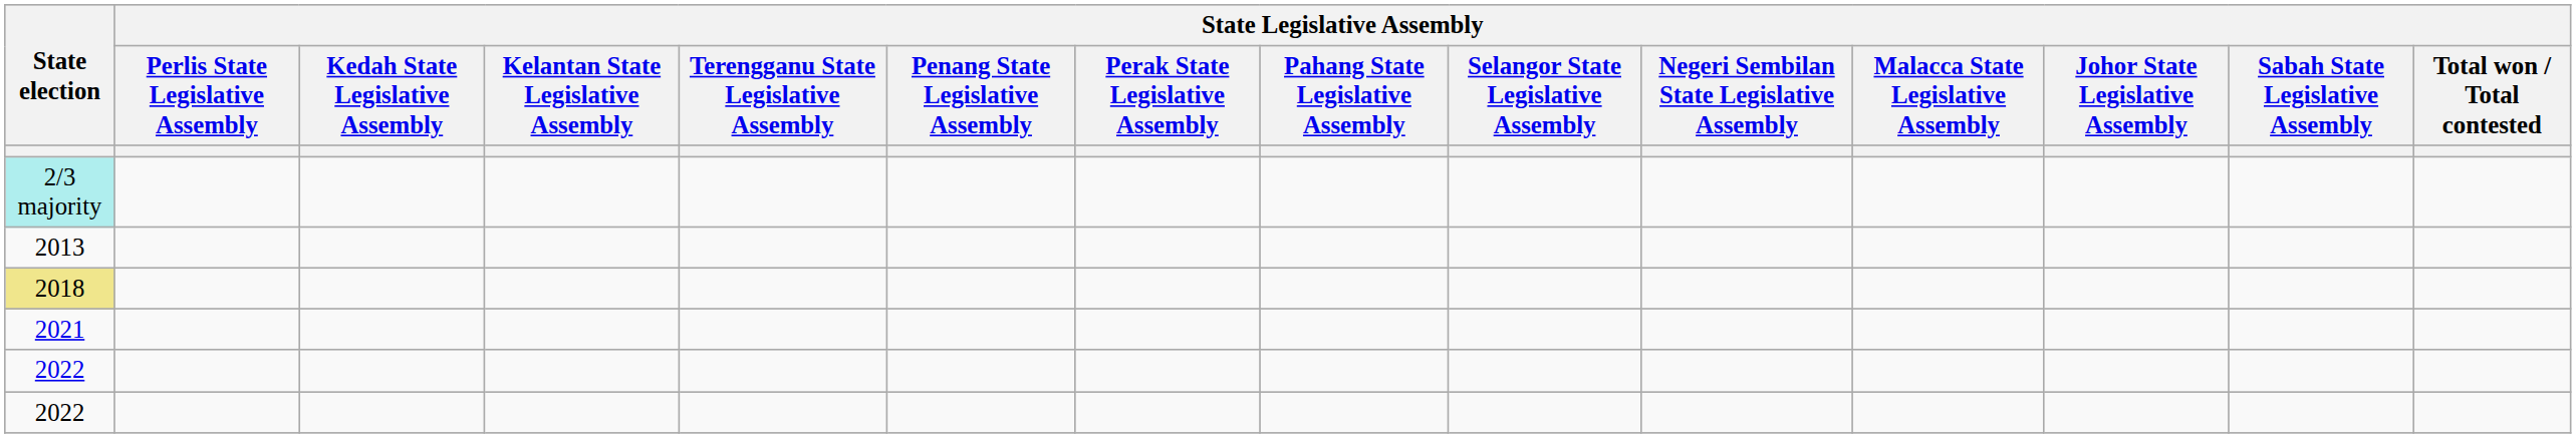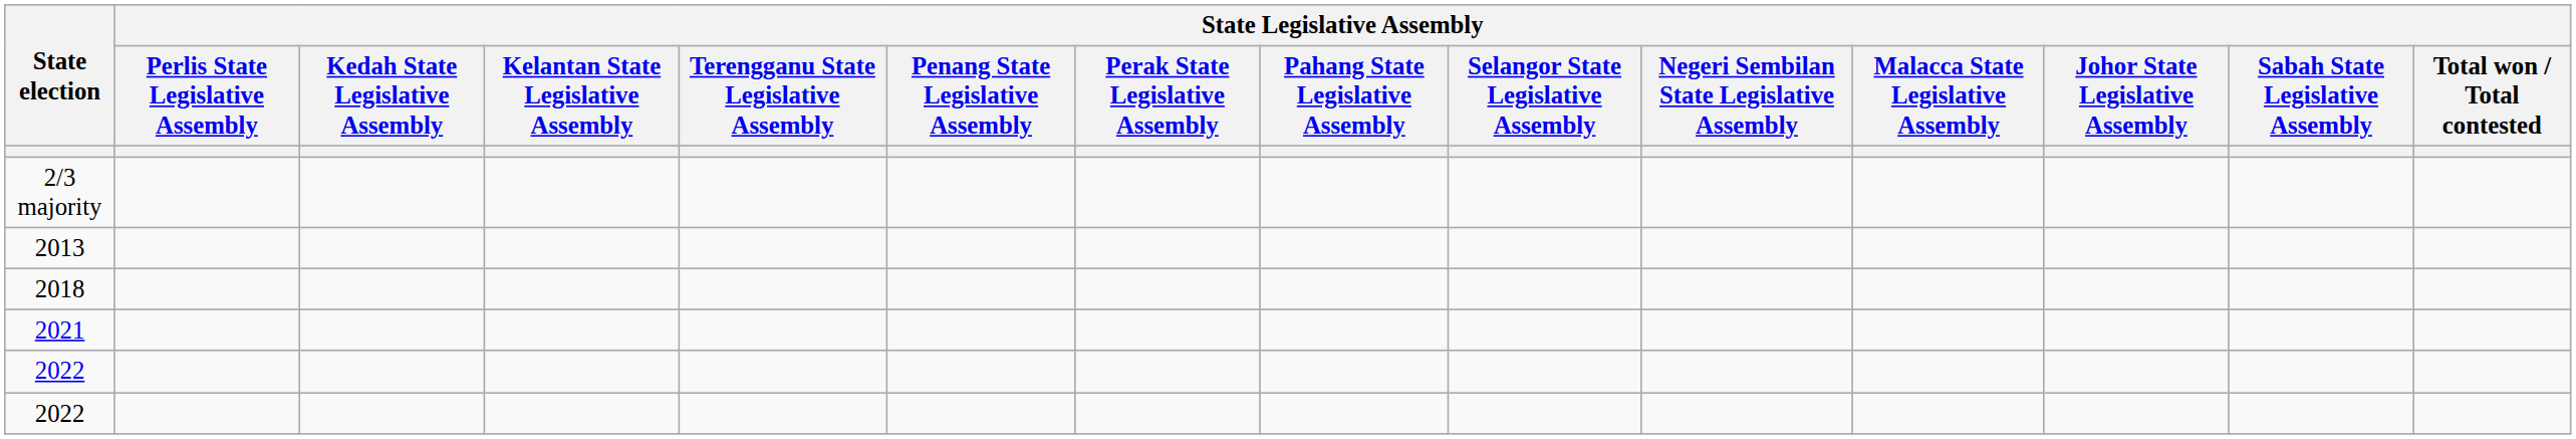 <table class="wikitable sortable" style="text-align:center; font-size:95%">
 <tr>
 <th rowspan=2>State election</th>
 <th colspan=14>State Legislative Assembly</th>
 </tr>
 <tr>
 <th><a href='#'>Perlis State Legislative Assembly</a></th>
 <th><a href='#'>Kedah State Legislative Assembly</a></th>
 <th><a href='#'>Kelantan State Legislative Assembly</a></th>
 <th><a href='#'>Terengganu State Legislative Assembly</a></th>
 <th><a href='#'>Penang State Legislative Assembly</a></th>
 <th><a href='#'>Perak State Legislative Assembly</a></th>
 <th><a href='#'>Pahang State Legislative Assembly</a></th>
 <th><a href='#'>Selangor State Legislative Assembly</a></th>
 <th><a href='#'>Negeri Sembilan State Legislative Assembly</a></th>
 <th><a href='#'>Malacca State Legislative Assembly</a></th>
 <th><a href='#'>Johor State Legislative Assembly</a></th>
 <th><a href='#'>Sabah State Legislative Assembly</a></th>
 <th>Total won / Total contested</th>
 </tr>
 <tr>
 <th></th>
 <th></th>
 <th></th>
 <th></th>
 <th></th>
 <th></th>
 <th></th>
 <th></th>
 <th></th>
 <th></th>
 <th></th>
 <th></th>
 <th></th>
 <th></th>
 </tr>
 <tr>
-<td style="background: paleturquoise;">2/3 majority</td>
+<td>2/3 majority</td>
 <td></td>
 <td></td>
 <td></td>
 <td></td>
 <td></td>
 <td></td>
 <td></td>
 <td></td>
 <td></td>
 <td></td>
 <td></td>
 <td></td>
 <td></td>
 </tr>
 <tr>
 <td>2013</td>
 <td></td>
 <td></td>
 <td></td>
 <td></td>
 <td></td>
 <td></td>
 <td></td>
 <td></td>
 <td></td>
 <td></td>
 <td></td>
 <td></td>
 <td></td>
 </tr>
 <tr>
-<td style="background: khaki;">2018</td>
+<td>2018</td>
 <td></td>
 <td></td>
 <td></td>
 <td></td>
 <td></td>
 <td></td>
 <td></td>
 <td></td>
 <td></td>
 <td></td>
 <td></td>
 <td></td>
 <td></td>
 </tr>
 <tr>
 <td><a href='#'>2021</a></td>
 <td></td>
 <td></td>
 <td></td>
 <td></td>
 <td></td>
 <td></td>
 <td></td>
 <td></td>
 <td></td>
 <td></td>
 <td></td>
 <td></td>
 <td></td>
 </tr>
 <tr>
 <td><a href='#'>2022</a></td>
 <td></td>
 <td></td>
 <td></td>
 <td></td>
 <td></td>
 <td></td>
 <td></td>
 <td></td>
 <td></td>
 <td></td>
 <td></td>
 <td></td>
 <td></td>
 </tr>
 <tr>
 <td>2022</td>
 <td></td>
 <td></td>
 <td></td>
 <td></td>
 <td></td>
 <td></td>
 <td></td>
 <td></td>
 <td></td>
 <td></td>
 <td></td>
 <td></td>
 <td></td>
 </tr>
 </table>
